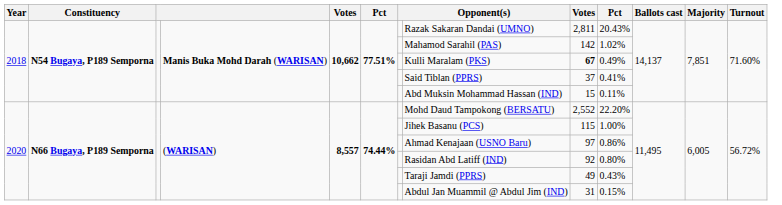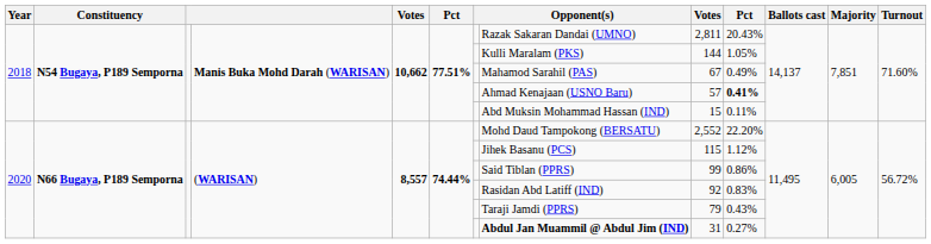 <table class="wikitable" style="margin:0.5em ; font-size:95%">
 <tr>
 <th>Year</th>
 <th>Constituency</th>
 <th colspan=2></th>
 <th>Votes</th>
 <th>Pct</th>
 <th colspan=2>Opponent(s)</th>
 <th>Votes</th>
 <th>Pct</th>
 <th>Ballots cast</th>
 <th>Majority</th>
 <th>Turnout</th>
 </tr>
 <tr>
 <td rowspan=5><a href='#'>2018</a></td>
 <td rowspan=5><strong>N54 <a href='#'>Bugaya</a>, P189 Semporna</strong></td>
 <td rowspan=5 ></td>
 <td rowspan=5><strong>Manis Buka Mohd Darah</strong> (<a href='#'><strong>WARISAN</strong></a>)</td>
 <td rowspan=5 align="right"><strong>10,662</strong></td>
 <td rowspan=5><strong>77.51%</strong></td>
 <td></td>
 <td>Razak Sakaran Dandai (<a href='#'>UMNO</a>)</td>
 <td align="right">2,811</td>
 <td>20.43%</td>
 <td rowspan=5>14,137</td>
 <td rowspan=5>7,851</td>
 <td rowspan=5>71.60%</td>
 </tr>
 <tr>
 <td></td>
-<td>Mahamod Sarahil (<a href='#'>PAS</a>)</td>
-<td align="right">142</td>
-<td>1.02%</td>
+<td>Kulli Maralam (<a href='#'>PKS</a>)</td>
+<td align="right">144</td>
+<td>1.05%</td>
 </tr>
 <tr>
 <td></td>
-<td>Kulli Maralam (<a href='#'>PKS</a>)</td>
-<td align="right"><strong>67</strong></td>
+<td>Mahamod Sarahil (<a href='#'>PAS</a>)</td>
+<td align="right">67</td>
 <td>0.49%</td>
 </tr>
 <tr>
 <td></td>
-<td>Said Tiblan (<a href='#'>PPRS</a>)</td>
-<td align="right">37</td>
-<td>0.41%</td>
+<td>Ahmad Kenajaan (<a href='#'>USNO Baru</a>)</td>
+<td align="right">57</td>
+<td><strong>0.41%</strong></td>
 </tr>
 <tr>
 <td></td>
 <td>Abd Muksin Mohammad Hassan (<a href='#'>IND</a>)</td>
 <td align="right">15</td>
 <td>0.11%</td>
 </tr>
 <tr>
 <td rowspan=6><a href='#'>2020</a></td>
 <td rowspan=6><strong>N66 <a href='#'>Bugaya</a>, P189 Semporna</strong></td>
 <td rowspan=6 ></td>
 <td rowspan=6> (<a href='#'><strong>WARISAN</strong></a>)</td>
 <td rowspan=6 align="right"><strong>8,557</strong></td>
 <td rowspan=6><strong>74.44%</strong></td>
 <td></td>
 <td>Mohd Daud Tampokong (<a href='#'>BERSATU</a>)</td>
 <td align="right">2,552</td>
 <td>22.20%</td>
 <td rowspan=6>11,495</td>
 <td rowspan=6>6,005</td>
 <td rowspan=6>56.72%</td>
 </tr>
 <tr>
 <td></td>
 <td>Jihek Basanu (<a href='#'>PCS</a>)</td>
 <td align="right">115</td>
-<td>1.00%</td>
+<td>1.12%</td>
 </tr>
 <tr>
 <td bgcolor=></td>
-<td>Ahmad Kenajaan (<a href='#'>USNO Baru</a>)</td>
-<td align="right">97</td>
+<td>Said Tiblan (<a href='#'>PPRS</a>)</td>
+<td align="right">99</td>
 <td>0.86%</td>
 </tr>
 <tr>
 <td></td>
 <td>Rasidan Abd Latiff (<a href='#'>IND</a>)</td>
 <td align="right">92</td>
-<td>0.80%</td>
+<td>0.83%</td>
 </tr>
 <tr>
 <td></td>
 <td>Taraji Jamdi (<a href='#'>PPRS</a>)</td>
-<td align="right">49</td>
+<td align="right">79</td>
 <td>0.43%</td>
 </tr>
 <tr>
 <td></td>
-<td>Abdul Jan Muammil @ Abdul Jim (<a href='#'>IND</a>)</td>
+<td><strong>Abdul Jan Muammil @ Abdul Jim (<a href='#'>IND</a>)</strong></td>
 <td align="right">31</td>
-<td>0.15%</td>
+<td>0.27%</td>
 </tr>
 </table>
